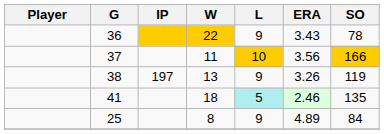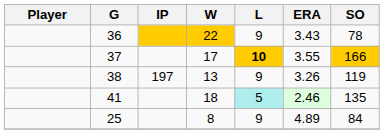 <table class="wikitable sortable">
 <tr>
 <th bgcolor="#DDDDFF" width="16%">Player</th>
 <th bgcolor="#DDDDFF" width="9%">G</th>
 <th bgcolor="#DDDDFF" width="9%">IP</th>
 <th bgcolor="#DDDDFF" width="9%">W</th>
 <th bgcolor="#DDDDFF" width="9%">L</th>
 <th bgcolor="#DDDDFF" width="9%">ERA</th>
 <th bgcolor="#DDDDFF" width="9%">SO</th>
 </tr>
 <tr align="center">
 <td><strong></strong></td>
 <td>36</td>
 <td style="background:#fc0;"></td>
 <td style="background:#fc0;">22</td>
 <td>9</td>
 <td>3.43</td>
 <td>78</td>
 </tr>
 <tr align="center">
 <td></td>
 <td>37</td>
 <td></td>
-<td>11</td>
-<td style="background:#fc0;">10</td>
-<td>3.56</td>
+<td>17</td>
+<td style="background:#fc0;"><strong>10</strong></td>
+<td>3.55</td>
 <td style="background:#fc0;">166</td>
 </tr>
 <tr align="center">
 <td></td>
 <td>38</td>
 <td>197</td>
 <td>13</td>
 <td>9</td>
 <td>3.26</td>
 <td>119</td>
 </tr>
 <tr align="center">
 <td></td>
 <td>41</td>
 <td></td>
 <td>18</td>
 <td style="background: paleturquoise;">5</td>
 <td style="background:#DDFFDD;">2.46</td>
 <td>135</td>
 </tr>
 <tr align="center">
 <td></td>
 <td>25</td>
 <td></td>
 <td>8</td>
 <td>9</td>
 <td>4.89</td>
 <td>84</td>
 </tr>
 <tr align="center">
 </tr>
 </table>
